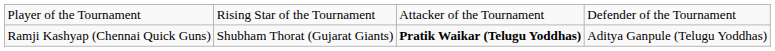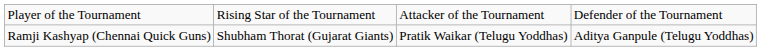 <table class="wikitable">
 <tr>
 <td>Player of the Tournament</td>
 <td>Rising Star of the Tournament</td>
 <td>Attacker of the Tournament</td>
 <td>Defender of the Tournament</td>
 </tr>
 <tr>
 <td>Ramji Kashyap (Chennai Quick Guns)</td>
 <td>Shubham Thorat (Gujarat Giants)</td>
-<td><strong>Pratik Waikar (Telugu Yoddhas)</strong></td>
+<td>Pratik Waikar (Telugu Yoddhas)</td>
 <td>Aditya Ganpule (Telugu Yoddhas)</td>
 </tr>
 </table>
